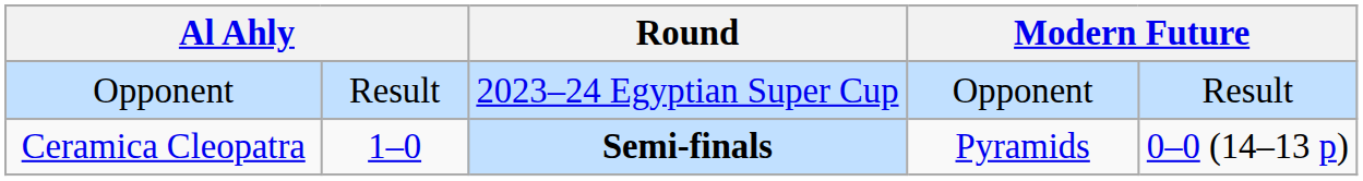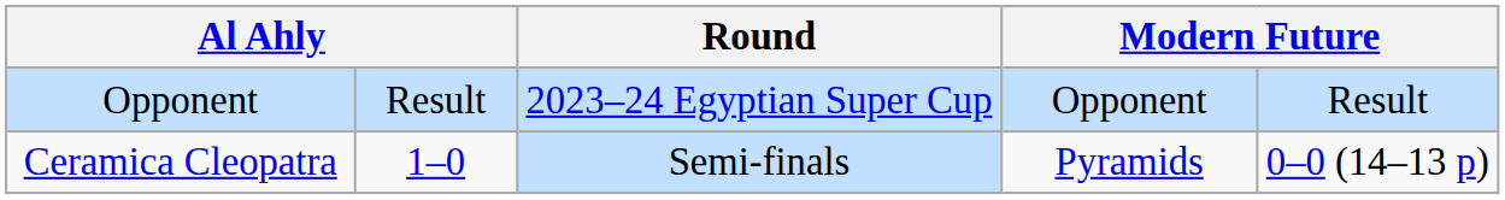 <table class="wikitable" style="text-align:center; white-space:nowrap;">
 <tr>
 <th colspan="2"><a href='#'>Al Ahly</a></th>
 <th>Round</th>
 <th colspan="2"><a href='#'>Modern Future</a></th>
 </tr>
 <tr style="background:#C1E0FF;">
 <td style="width:25%;">Opponent</td>
 <td style="width:15%;">Result</td>
 <td><a href='#'>2023–24 Egyptian Super Cup</a></td>
 <td style="width:25%;">Opponent</td>
 <td style="width:15%;">Result</td>
 </tr>
 <tr>
 <td><a href='#'>Ceramica Cleopatra</a></td>
 <td><a href='#'>1–0</a></td>
-<td style="background:#C1E0FF;"><strong>Semi-finals</strong></td>
+<td style="background:#C1E0FF;">Semi-finals</td>
 <td><a href='#'>Pyramids</a></td>
 <td><a href='#'>0–0</a> (14–13 <a href='#'>p</a>)</td>
 </tr>
 </table>
